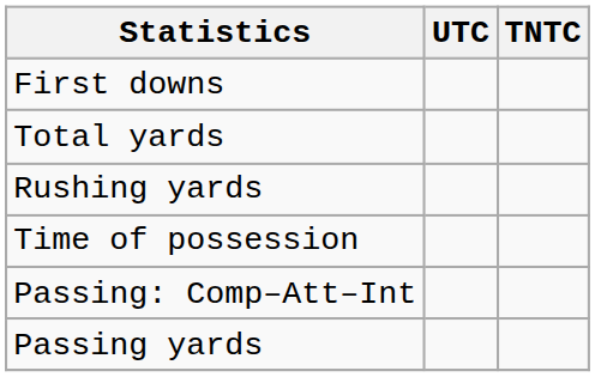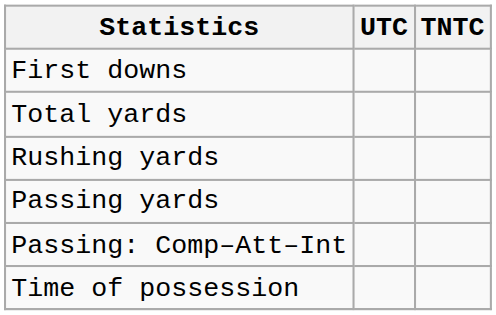 <table class="wikitable" style="float: left;">
 <tr>
 <th>Statistics</th>
 <th>UTC</th>
 <th>TNTC</th>
 </tr>
 <tr>
 <td>First downs</td>
 <td></td>
 <td></td>
 </tr>
 <tr>
 <td>Total yards</td>
 <td></td>
 <td></td>
 </tr>
 <tr>
 <td>Rushing yards</td>
 <td></td>
 <td></td>
 </tr>
 <tr>
-<td>Time of possession</td>
+<td>Passing yards</td>
 <td></td>
 <td></td>
 </tr>
 <tr>
 <td>Passing: Comp–Att–Int</td>
 <td></td>
 <td></td>
 </tr>
 <tr>
-<td>Passing yards</td>
+<td>Time of possession</td>
 <td></td>
 <td></td>
 </tr>
 <tr>
 </tr>
 </table>
